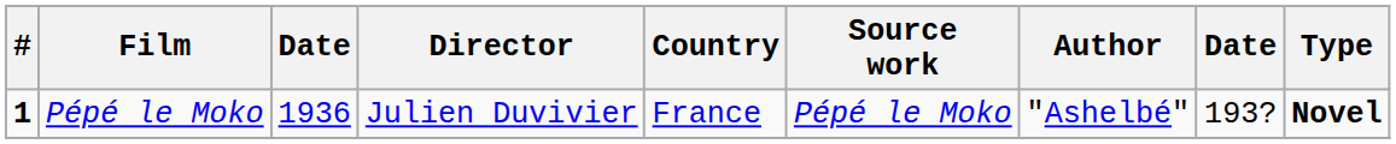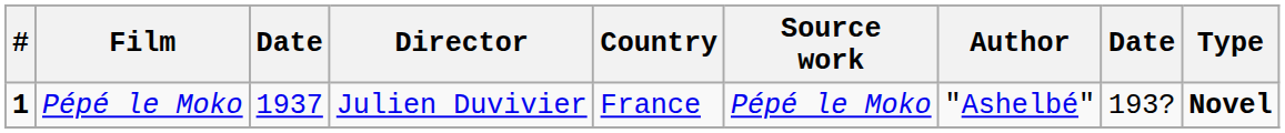 <table class="wikitable">
 <tr>
 <th>#</th>
 <th>Film</th>
 <th>Date</th>
 <th>Director</th>
 <th>Country</th>
 <th>Source<br>work</th>
 <th>Author</th>
 <th>Date</th>
 <th>Type</th>
 </tr>
 <tr>
 <td><strong>1</strong></td>
 <td><em><a href='#'>Pépé le Moko</a></em></td>
-<td><a href='#'>1936</a></td>
+<td><a href='#'>1937</a></td>
 <td><a href='#'>Julien Duvivier</a></td>
 <td><a href='#'>France</a></td>
 <td><em><a href='#'>Pépé le Moko</a></em></td>
 <td>"<a href='#'>Ashelbé</a>"</td>
 <td>193?</td>
 <td><strong>Novel</strong></td>
 </tr>
 <tr>
 </tr>
 </table>
